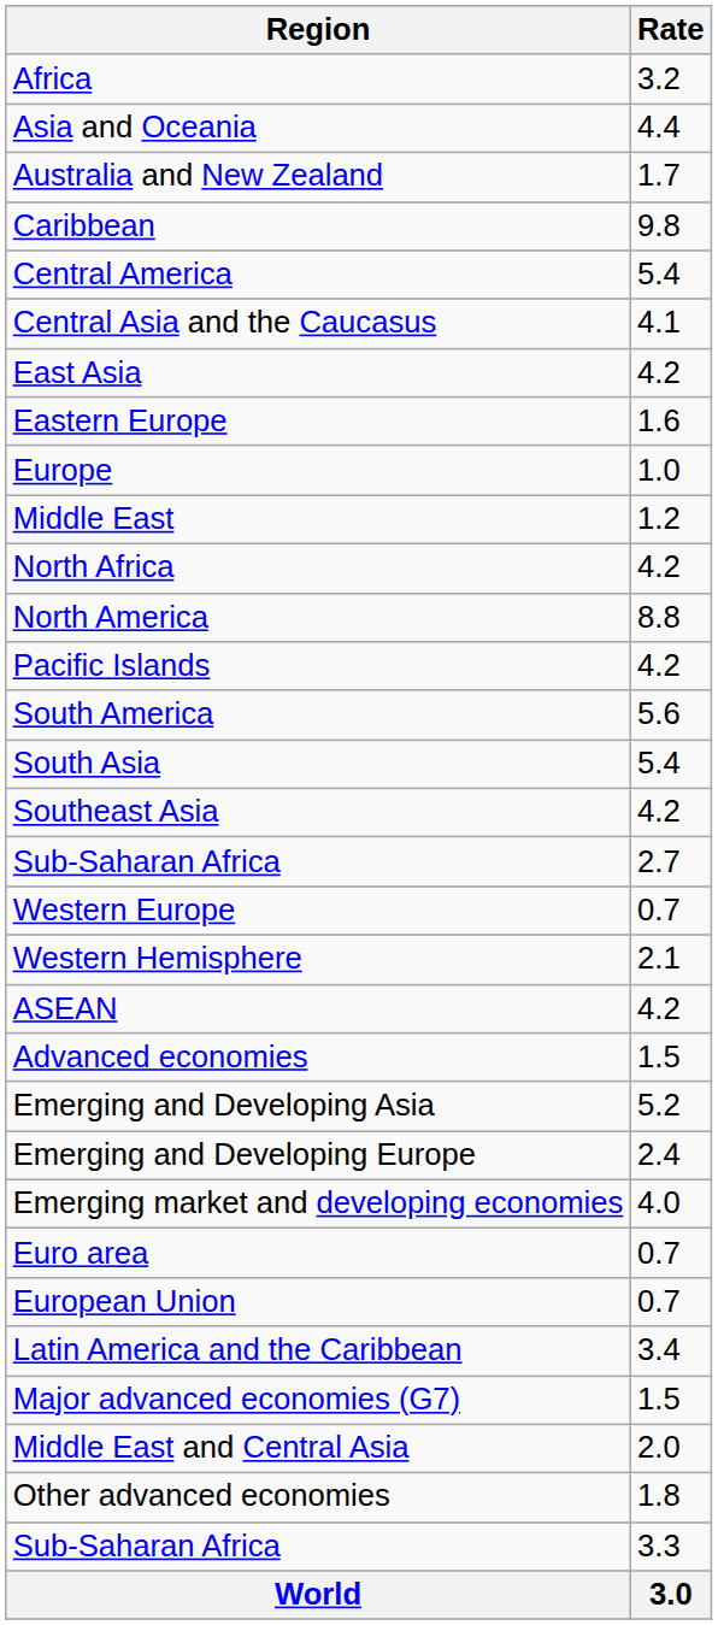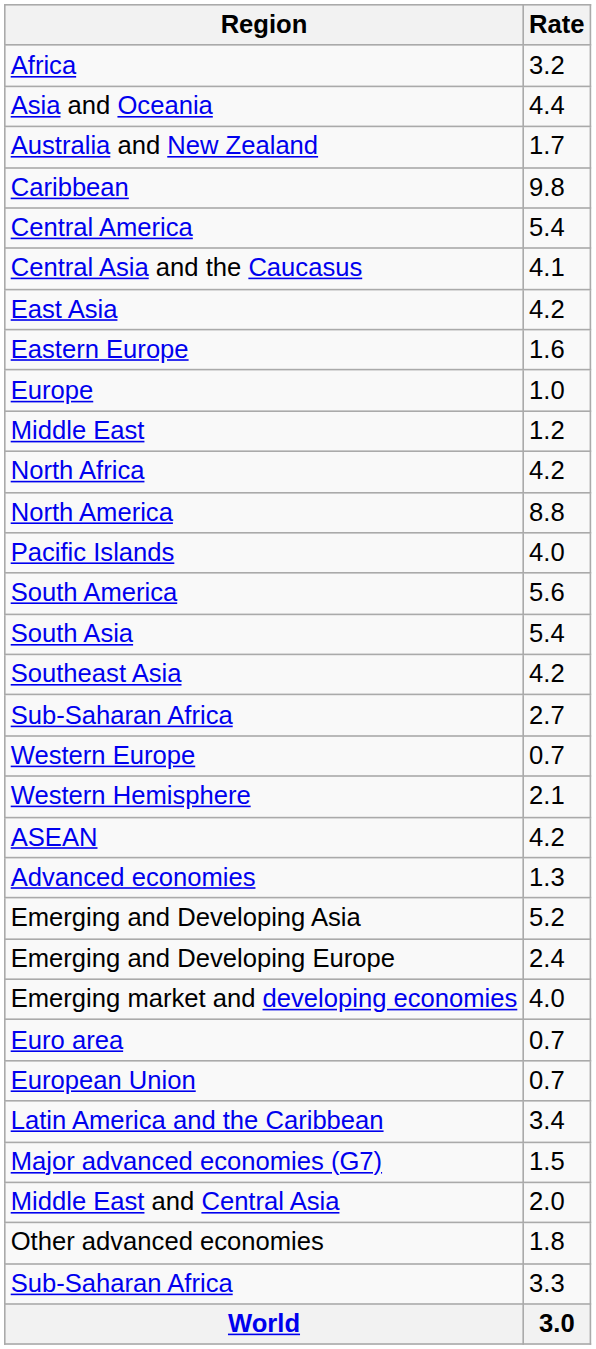 <table class="wikitable sortable static-row-numbers static-row-header-text" col1left col2right">
 <tr>
 <th>Region</th>
 <th>Rate</th>
 </tr>
 <tr>
 <td><a href='#'>Africa</a></td>
 <td>3.2</td>
 </tr>
 <tr>
 <td><a href='#'>Asia</a> and <a href='#'>Oceania</a></td>
 <td>4.4</td>
 </tr>
 <tr>
 <td><a href='#'>Australia</a> and <a href='#'>New Zealand</a></td>
 <td>1.7</td>
 </tr>
 <tr>
 <td><a href='#'>Caribbean</a></td>
 <td>9.8</td>
 </tr>
 <tr>
 <td><a href='#'>Central America</a></td>
 <td>5.4</td>
 </tr>
 <tr>
 <td><a href='#'>Central Asia</a> and the <a href='#'>Caucasus</a></td>
 <td>4.1</td>
 </tr>
 <tr>
 <td><a href='#'>East Asia</a></td>
 <td>4.2</td>
 </tr>
 <tr>
 <td><a href='#'>Eastern Europe</a></td>
 <td>1.6</td>
 </tr>
 <tr>
 <td><a href='#'>Europe</a></td>
 <td>1.0</td>
 </tr>
 <tr>
 <td><a href='#'>Middle East</a></td>
 <td>1.2</td>
 </tr>
 <tr>
 <td><a href='#'>North Africa</a></td>
 <td>4.2</td>
 </tr>
 <tr>
 <td><a href='#'>North America</a></td>
 <td>8.8</td>
 </tr>
 <tr>
 <td><a href='#'>Pacific Islands </a></td>
-<td>4.2</td>
+<td>4.0</td>
 </tr>
 <tr>
 <td><a href='#'>South America</a></td>
 <td>5.6</td>
 </tr>
 <tr>
 <td><a href='#'>South Asia</a></td>
 <td>5.4</td>
 </tr>
 <tr>
 <td><a href='#'>Southeast Asia</a></td>
 <td>4.2</td>
 </tr>
 <tr>
 <td><a href='#'>Sub-Saharan Africa</a></td>
 <td>2.7</td>
 </tr>
 <tr>
 <td><a href='#'>Western Europe</a></td>
 <td>0.7</td>
 </tr>
 <tr>
 <td><a href='#'>Western Hemisphere</a></td>
 <td>2.1</td>
 </tr>
 <tr>
 <td><a href='#'>ASEAN</a></td>
 <td>4.2</td>
 </tr>
 <tr>
 <td><a href='#'>Advanced economies</a></td>
-<td>1.5</td>
+<td>1.3</td>
 </tr>
 <tr>
 <td>Emerging and Developing Asia</td>
 <td>5.2</td>
 </tr>
 <tr>
 <td>Emerging and Developing Europe</td>
 <td>2.4</td>
 </tr>
 <tr>
 <td>Emerging market and <a href='#'>developing economies</a></td>
 <td>4.0</td>
 </tr>
 <tr>
 <td><a href='#'>Euro area</a></td>
 <td>0.7</td>
 </tr>
 <tr>
 <td><a href='#'>European Union</a></td>
 <td>0.7</td>
 </tr>
 <tr>
 <td><a href='#'>Latin America and the Caribbean</a></td>
 <td>3.4</td>
 </tr>
 <tr>
 <td><a href='#'>Major advanced economies (G7)</a></td>
 <td>1.5</td>
 </tr>
 <tr>
 <td><a href='#'>Middle East</a> and <a href='#'>Central Asia</a></td>
 <td>2.0</td>
 </tr>
 <tr>
 <td>Other advanced economies</td>
 <td>1.8</td>
 </tr>
 <tr>
 <td><a href='#'>Sub-Saharan Africa</a></td>
 <td>3.3</td>
 </tr>
 <tr>
 <th><strong><a href='#'>World</a></strong></th>
 <th>3.0</th>
 </tr>
 </table>
